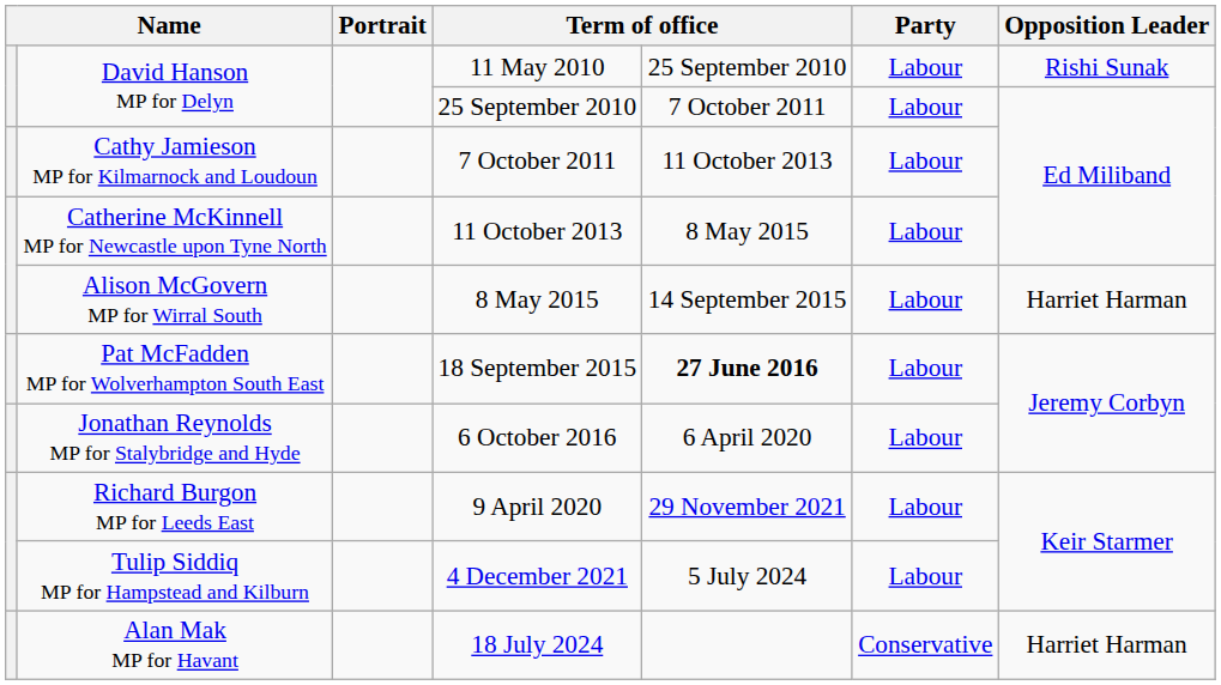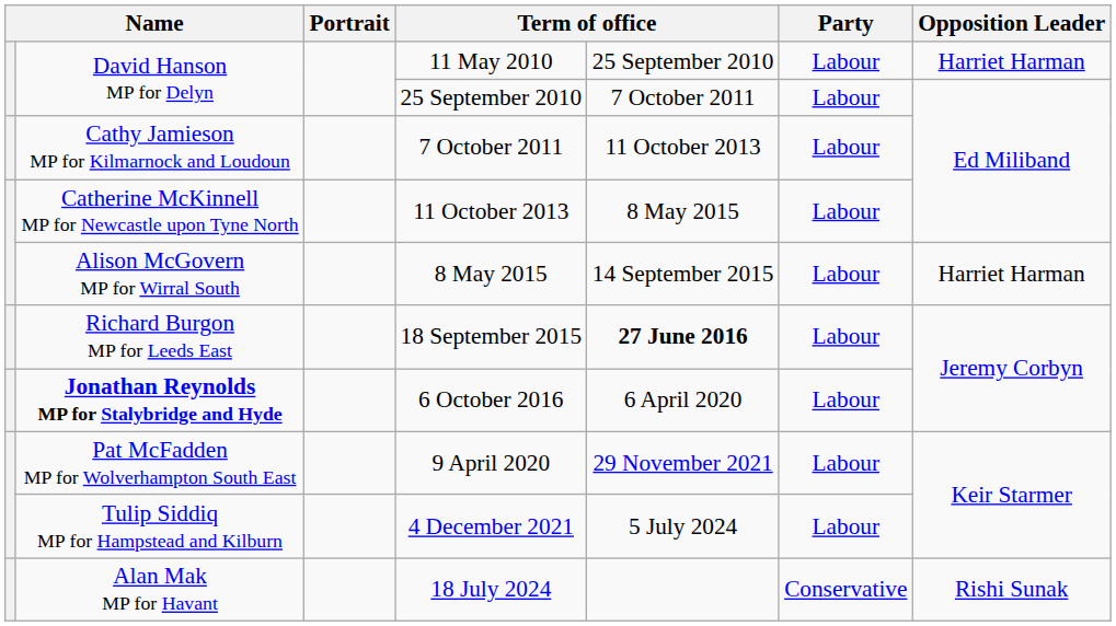 <table class="wikitable" style="text-align:center">
 <tr>
 <th colspan="2">Name</th>
 <th>Portrait</th>
 <th colspan="2">Term of office</th>
 <th>Party</th>
 <th>Opposition Leader</th>
 </tr>
 <tr>
 <th rowspan="2" style="background-color: "></th>
 <td rowspan="2"><a href='#'>David Hanson</a><br><small>MP for <a href='#'>Delyn</a></small></td>
 <td rowspan="2"></td>
 <td>11 May 2010</td>
 <td>25 September 2010</td>
 <td><a href='#'>Labour</a></td>
-<td><a href='#'>Rishi Sunak</a></td>
+<td><a href='#'>Harriet Harman</a></td>
 </tr>
 <tr>
 <td>25 September 2010</td>
 <td>7 October 2011</td>
 <td><a href='#'>Labour</a></td>
 <td rowspan="3"><a href='#'>Ed Miliband</a></td>
 </tr>
 <tr>
 <th style="background-color: "></th>
 <td><a href='#'>Cathy Jamieson</a><br><small>MP for <a href='#'>Kilmarnock and Loudoun</a></small></td>
 <td></td>
 <td>7 October 2011</td>
 <td>11 October 2013</td>
 <td><a href='#'>Labour</a></td>
 </tr>
 <tr>
 <th rowspan="2" style="background-color: "></th>
 <td><a href='#'>Catherine McKinnell</a><br><small>MP for <a href='#'>Newcastle upon Tyne North</a></small></td>
 <td></td>
 <td>11 October 2013</td>
 <td>8 May 2015</td>
 <td><a href='#'>Labour</a></td>
 </tr>
 <tr>
 <td><a href='#'>Alison McGovern</a><br><small>MP for <a href='#'>Wirral South</a></small></td>
 <td></td>
 <td>8 May 2015</td>
 <td>14 September 2015</td>
 <td><a href='#'>Labour</a></td>
 <td>Harriet Harman</td>
 </tr>
 <tr>
 <th style="background-color: "></th>
-<td><a href='#'>Pat McFadden</a><br><small>MP for <a href='#'>Wolverhampton South East</a></small></td>
+<td><a href='#'>Richard Burgon</a><br><small>MP for <a href='#'>Leeds East</a></small></td>
 <td></td>
 <td>18 September 2015</td>
 <td><strong>27 June 2016</strong></td>
 <td><a href='#'>Labour</a></td>
 <td rowspan="2"><a href='#'>Jeremy Corbyn</a></td>
 </tr>
 <tr>
 <th style="background-color: "></th>
-<td><a href='#'>Jonathan Reynolds</a><br><small>MP for <a href='#'>Stalybridge and Hyde</a></small></td>
+<td><strong><a href='#'>Jonathan Reynolds</a><br><small>MP for <a href='#'>Stalybridge and Hyde</a></small></strong></td>
 <td></td>
 <td>6 October 2016</td>
 <td>6 April 2020</td>
 <td><a href='#'>Labour</a></td>
 </tr>
 <tr>
 <th rowspan="2" style="background-color: "></th>
-<td><a href='#'>Richard Burgon</a><br><small>MP for <a href='#'>Leeds East</a></small></td>
+<td><a href='#'>Pat McFadden</a><br><small>MP for <a href='#'>Wolverhampton South East</a></small></td>
 <td></td>
 <td>9 April 2020</td>
 <td><a href='#'>29 November 2021</a></td>
 <td><a href='#'>Labour</a></td>
 <td rowspan="2"><a href='#'>Keir Starmer</a></td>
 </tr>
 <tr>
 <td><a href='#'>Tulip Siddiq</a><br><small>MP for <a href='#'>Hampstead and Kilburn</a></small></td>
 <td></td>
 <td><a href='#'>4 December 2021</a></td>
 <td>5 July 2024</td>
 <td><a href='#'>Labour</a></td>
 </tr>
 <tr>
 <th style="background-color: "></th>
 <td><a href='#'>Alan Mak</a><br><small>MP for <a href='#'>Havant</a></small></td>
 <td></td>
 <td><a href='#'>18 July 2024</a></td>
 <td></td>
 <td><a href='#'>Conservative</a></td>
-<td>Harriet Harman</td>
+<td><a href='#'>Rishi Sunak</a></td>
 </tr>
 </table>
